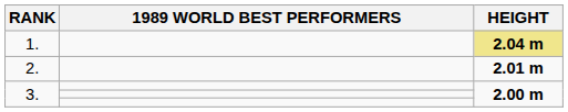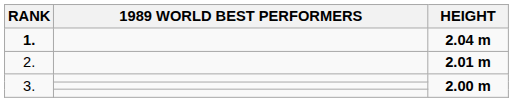 <table class="wikitable" style="border-collapse: collapse; font-size: 90%;">
 <tr>
 <th>RANK</th>
 <th align="center" style="width: 25em">1989 WORLD BEST PERFORMERS</th>
 <th align="center" style="width: 5em">HEIGHT</th>
 </tr>
 <tr>
-<td align="center">1.</td>
+<td align="center"><strong>1.</strong></td>
 <td></td>
-<td align="center" style="background: khaki;"><strong>2.04 m</strong></td>
+<td align="center"><strong>2.04 m</strong></td>
 </tr>
 <tr>
 <td align="center">2.</td>
 <td></td>
 <td align="center"><strong>2.01 m</strong></td>
 </tr>
 <tr>
 <td rowspan=3 align="center">3.</td>
 <td></td>
 <td rowspan=3 align="center"><strong>2.00 m</strong></td>
 </tr>
 <tr>
 <td></td>
 </tr>
 <tr>
 <td></td>
 </tr>
 </table>
